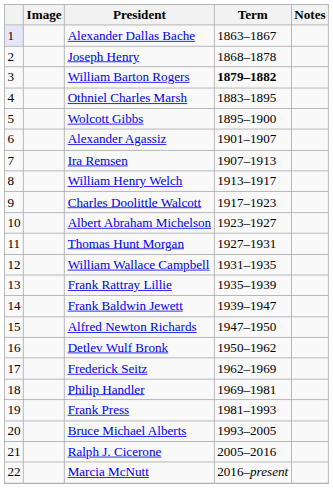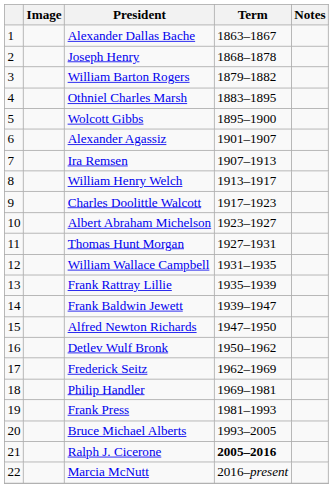 <table class=wikitable style="text-align:left">
 <tr>
 <th></th>
 <th>Image</th>
 <th>President</th>
 <th>Term</th>
 <th>Notes</th>
 </tr>
 <tr>
-<td style="background: lavender;">1</td>
+<td>1</td>
 <td></td>
 <td><a href='#'>Alexander Dallas Bache</a></td>
 <td>1863–1867</td>
 <td></td>
 </tr>
 <tr>
 <td>2</td>
 <td></td>
 <td><a href='#'>Joseph Henry</a></td>
 <td>1868–1878</td>
 <td></td>
 </tr>
 <tr>
 <td>3</td>
 <td></td>
 <td><a href='#'>William Barton Rogers</a></td>
-<td><strong>1879–1882</strong></td>
+<td>1879–1882</td>
 <td></td>
 </tr>
 <tr>
 <td>4</td>
 <td></td>
 <td><a href='#'>Othniel Charles Marsh</a></td>
 <td>1883–1895</td>
 <td></td>
 </tr>
 <tr>
 <td>5</td>
 <td></td>
 <td><a href='#'>Wolcott Gibbs</a></td>
 <td>1895–1900</td>
 <td></td>
 </tr>
 <tr>
 <td>6</td>
 <td></td>
 <td><a href='#'>Alexander Agassiz</a></td>
 <td>1901–1907</td>
 <td></td>
 </tr>
 <tr>
 <td>7</td>
 <td></td>
 <td><a href='#'>Ira Remsen</a></td>
 <td>1907–1913</td>
 <td></td>
 </tr>
 <tr>
 <td>8</td>
 <td></td>
 <td><a href='#'>William Henry Welch</a></td>
 <td>1913–1917</td>
 <td></td>
 </tr>
 <tr>
 <td>9</td>
 <td></td>
 <td><a href='#'>Charles Doolittle Walcott</a></td>
 <td>1917–1923</td>
 <td></td>
 </tr>
 <tr>
 <td>10</td>
 <td></td>
 <td><a href='#'>Albert Abraham Michelson</a></td>
 <td>1923–1927</td>
 <td></td>
 </tr>
 <tr>
 <td>11</td>
 <td></td>
 <td><a href='#'>Thomas Hunt Morgan</a></td>
 <td>1927–1931</td>
 <td></td>
 </tr>
 <tr>
 <td>12</td>
 <td></td>
 <td><a href='#'>William Wallace Campbell</a></td>
 <td>1931–1935</td>
 <td></td>
 </tr>
 <tr>
 <td>13</td>
 <td></td>
 <td><a href='#'>Frank Rattray Lillie</a></td>
 <td>1935–1939</td>
 <td></td>
 </tr>
 <tr>
 <td>14</td>
 <td></td>
 <td><a href='#'>Frank Baldwin Jewett</a></td>
 <td>1939–1947</td>
 <td></td>
 </tr>
 <tr>
 <td>15</td>
 <td></td>
 <td><a href='#'>Alfred Newton Richards</a></td>
 <td>1947–1950</td>
 <td></td>
 </tr>
 <tr>
 <td>16</td>
 <td></td>
 <td><a href='#'>Detlev Wulf Bronk</a></td>
 <td>1950–1962</td>
 <td></td>
 </tr>
 <tr>
 <td>17</td>
 <td></td>
 <td><a href='#'>Frederick Seitz</a></td>
 <td>1962–1969</td>
 <td></td>
 </tr>
 <tr>
 <td>18</td>
 <td></td>
 <td><a href='#'>Philip Handler</a></td>
 <td>1969–1981</td>
 <td></td>
 </tr>
 <tr>
 <td>19</td>
 <td></td>
 <td><a href='#'>Frank Press</a></td>
 <td>1981–1993</td>
 <td></td>
 </tr>
 <tr>
 <td>20</td>
 <td></td>
 <td><a href='#'>Bruce Michael Alberts</a></td>
 <td>1993–2005</td>
 <td></td>
 </tr>
 <tr>
 <td>21</td>
 <td></td>
 <td><a href='#'>Ralph J. Cicerone</a></td>
-<td>2005–2016</td>
+<td><strong>2005–2016</strong></td>
 <td></td>
 </tr>
 <tr>
 <td>22</td>
 <td></td>
 <td><a href='#'>Marcia McNutt</a></td>
 <td>2016–<em>present</em></td>
 <td></td>
 </tr>
 <tr>
 </tr>
 </table>
